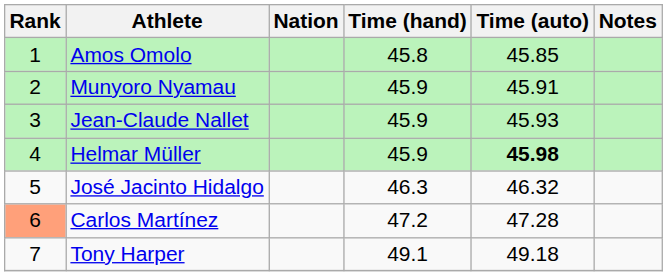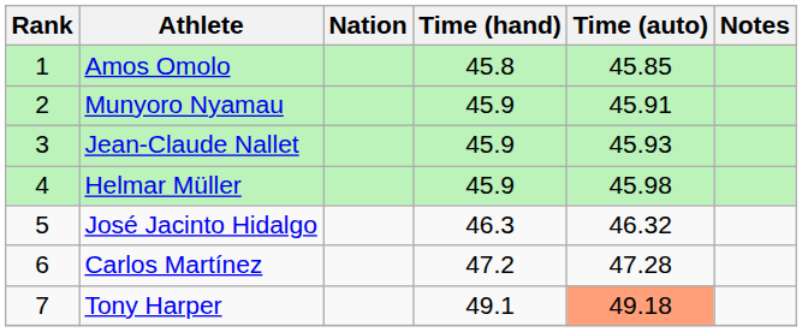 <table class="wikitable sortable" style="text-align:center">
 <tr>
 <th>Rank</th>
 <th>Athlete</th>
 <th>Nation</th>
 <th>Time (hand)</th>
 <th>Time (auto)</th>
 <th>Notes</th>
 </tr>
 <tr bgcolor=bbf3bb>
 <td>1</td>
 <td align=left><a href='#'>Amos Omolo</a></td>
 <td align=left></td>
 <td>45.8</td>
 <td>45.85</td>
 <td></td>
 </tr>
 <tr bgcolor=bbf3bb>
 <td>2</td>
 <td align=left><a href='#'>Munyoro Nyamau</a></td>
 <td align=left></td>
 <td>45.9</td>
 <td>45.91</td>
 <td></td>
 </tr>
 <tr bgcolor=bbf3bb>
 <td>3</td>
 <td align=left><a href='#'>Jean-Claude Nallet</a></td>
 <td align=left></td>
 <td>45.9</td>
 <td>45.93</td>
 <td></td>
 </tr>
 <tr bgcolor=bbf3bb>
 <td>4</td>
 <td align=left><a href='#'>Helmar Müller</a></td>
 <td align=left></td>
 <td>45.9</td>
-<td><strong>45.98</strong></td>
+<td>45.98</td>
 <td></td>
 </tr>
 <tr>
 <td>5</td>
 <td align=left><a href='#'>José Jacinto Hidalgo</a></td>
 <td align=left></td>
 <td>46.3</td>
 <td>46.32</td>
 <td></td>
 </tr>
 <tr>
-<td style="background: lightsalmon;">6</td>
+<td>6</td>
 <td align=left><a href='#'>Carlos Martínez</a></td>
 <td align=left></td>
 <td>47.2</td>
 <td>47.28</td>
 <td></td>
 </tr>
 <tr>
 <td>7</td>
 <td align=left><a href='#'>Tony Harper</a></td>
 <td align=left></td>
 <td>49.1</td>
-<td>49.18</td>
+<td style="background: lightsalmon;">49.18</td>
 <td></td>
 </tr>
 <tr>
 </tr>
 </table>
